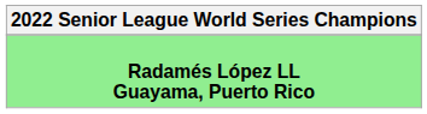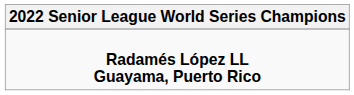 <table class="wikitable" style="text-align: center; margin: 0 auto;">
 <tr>
 <th>2022 Senior League World Series Champions</th>
 </tr>
 <tr>
 </tr>
 <tr>
-<td style="background: lightgreen;"><br><strong>Radamés López LL</strong><br> <strong>Guayama, Puerto Rico</strong></td>
+<td><br><strong>Radamés López LL</strong><br> <strong>Guayama, Puerto Rico</strong></td>
 </tr>
 </table>
